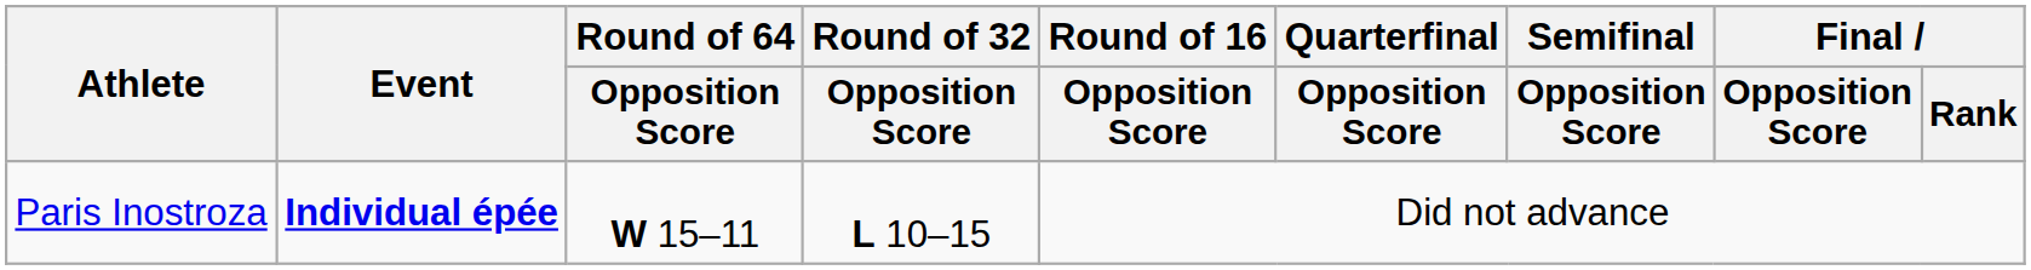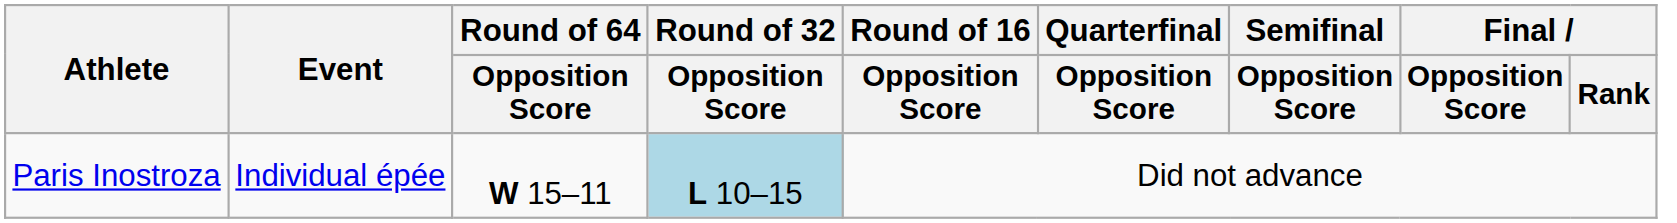 <table class="wikitable" style="font-size:90%">
 <tr>
 <th rowspan="2">Athlete</th>
 <th rowspan="2">Event</th>
 <th>Round of 64</th>
 <th>Round of 32</th>
 <th>Round of 16</th>
 <th>Quarterfinal</th>
 <th>Semifinal</th>
 <th colspan=2>Final / </th>
 </tr>
 <tr style="font-size:95%">
 <th>Opposition <br> Score</th>
 <th>Opposition <br> Score</th>
 <th>Opposition <br> Score</th>
 <th>Opposition <br> Score</th>
 <th>Opposition <br> Score</th>
 <th>Opposition <br> Score</th>
 <th>Rank</th>
 </tr>
 <tr align=center>
 <td align=left><a href='#'>Paris Inostroza</a></td>
-<td align=left><strong><a href='#'>Individual épée</a></strong></td>
+<td align=left><a href='#'>Individual épée</a></td>
 <td><br><strong>W</strong> 15–11</td>
-<td><br><strong>L</strong> 10–15</td>
+<td style="background: lightblue;"><br><strong>L</strong> 10–15</td>
 <td colspan=5>Did not advance</td>
 </tr>
 </table>
